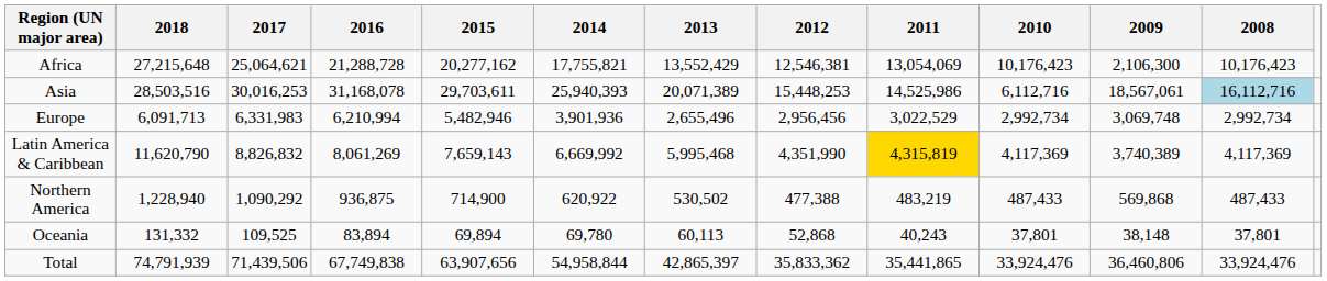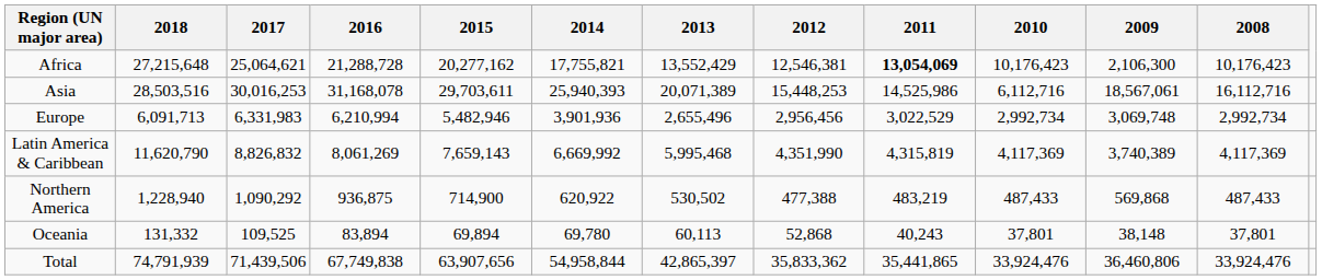 <table class="wikitable sortable" style="text-align: center">
 <tr>
 <th scope="col" style="width: 100px;">Region (UN major area)</th>
 <th scope="col" style="width: 100px;">2018 </th>
 <th>2017</th>
 <th scope="col" style="width: 100px;">2016</th>
 <th scope="col" style="width: 100px;">2015</th>
 <th scope="col" style="width: 100px;">2014</th>
 <th scope="col" style="width: 100px;">2013</th>
 <th scope="col" style="width: 100px;">2012</th>
 <th scope="col" style="width: 100px;">2011</th>
 <th scope="col" style="width: 100px;">2010</th>
 <th scope="col" style="width: 100px;">2009</th>
 <th scope="col" style="width: 100px;">2008</th>
 </tr>
 <tr>
 <td>Africa</td>
 <td>27,215,648</td>
 <td>25,064,621</td>
 <td>21,288,728</td>
 <td>20,277,162</td>
 <td>17,755,821</td>
 <td>13,552,429</td>
 <td>12,546,381</td>
-<td>13,054,069</td>
+<td><strong>13,054,069</strong></td>
 <td>10,176,423</td>
 <td>2,106,300</td>
 <td>10,176,423</td>
 </tr>
 <tr>
 <td>Asia</td>
 <td>28,503,516</td>
 <td>30,016,253</td>
 <td>31,168,078</td>
 <td>29,703,611</td>
 <td>25,940,393</td>
 <td>20,071,389</td>
 <td>15,448,253</td>
 <td>14,525,986</td>
 <td>6,112,716</td>
 <td>18,567,061</td>
-<td style="background: lightblue;">16,112,716</td>
+<td>16,112,716</td>
 <td></td>
 </tr>
 <tr>
 <td>Europe</td>
 <td>6,091,713</td>
 <td>6,331,983</td>
 <td>6,210,994</td>
 <td>5,482,946</td>
 <td>3,901,936</td>
 <td>2,655,496</td>
 <td>2,956,456</td>
 <td>3,022,529</td>
 <td>2,992,734</td>
 <td>3,069,748</td>
 <td>2,992,734</td>
 <td></td>
 </tr>
 <tr>
 <td>Latin America & Caribbean</td>
 <td>11,620,790</td>
 <td>8,826,832</td>
 <td>8,061,269</td>
 <td>7,659,143</td>
 <td>6,669,992</td>
 <td>5,995,468</td>
 <td>4,351,990</td>
-<td style="background: gold;">4,315,819</td>
+<td>4,315,819</td>
 <td>4,117,369</td>
 <td>3,740,389</td>
 <td>4,117,369</td>
 <td></td>
 </tr>
 <tr>
 <td>Northern America</td>
 <td>1,228,940</td>
 <td>1,090,292</td>
 <td>936,875</td>
 <td>714,900</td>
 <td>620,922</td>
 <td>530,502</td>
 <td>477,388</td>
 <td>483,219</td>
 <td>487,433</td>
 <td>569,868</td>
 <td>487,433</td>
 <td></td>
 </tr>
 <tr>
 <td>Oceania</td>
 <td>131,332</td>
 <td>109,525</td>
 <td>83,894</td>
 <td>69,894</td>
 <td>69,780</td>
 <td>60,113</td>
 <td>52,868</td>
 <td>40,243</td>
 <td>37,801</td>
 <td>38,148</td>
 <td>37,801</td>
 <td></td>
 </tr>
 <tr>
 <td>Total</td>
 <td>74,791,939</td>
 <td>71,439,506</td>
 <td>67,749,838</td>
 <td>63,907,656</td>
 <td>54,958,844</td>
 <td>42,865,397</td>
 <td>35,833,362</td>
 <td>35,441,865</td>
 <td>33,924,476</td>
 <td>36,460,806</td>
 <td>33,924,476</td>
 </tr>
 </table>
